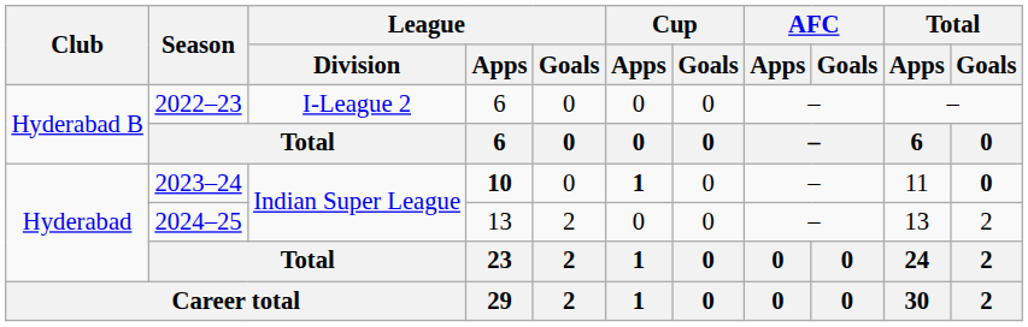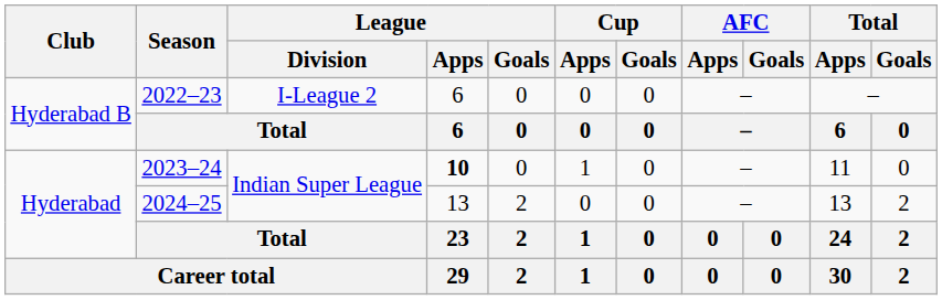 <table class=wikitable style=text-align:center>
 <tr>
 <th rowspan="2">Club</th>
 <th rowspan="2">Season</th>
 <th colspan="3">League</th>
 <th colspan="2">Cup</th>
 <th colspan="2"><a href='#'>AFC</a></th>
 <th colspan="2">Total</th>
 </tr>
 <tr>
 <th>Division</th>
 <th>Apps</th>
 <th>Goals</th>
 <th>Apps</th>
 <th>Goals</th>
 <th>Apps</th>
 <th>Goals</th>
 <th>Apps</th>
 <th>Goals</th>
 </tr>
 <tr>
 <td rowspan="2"><a href='#'>Hyderabad B</a></td>
 <td><a href='#'>2022–23</a></td>
 <td><a href='#'>I-League 2</a></td>
 <td>6</td>
 <td>0</td>
 <td>0</td>
 <td>0</td>
 <td colspan="2">–</td>
 <td colspan="2">–</td>
 </tr>
 <tr>
 <th colspan="2">Total</th>
 <th>6</th>
 <th>0</th>
 <th>0</th>
 <th>0</th>
 <th colspan="2">–</th>
 <th>6</th>
 <th>0</th>
 </tr>
 <tr>
 <td rowspan="3"><a href='#'>Hyderabad</a></td>
 <td><a href='#'>2023–24</a></td>
 <td rowspan="2"><a href='#'>Indian Super League</a></td>
 <td><strong>10</strong></td>
 <td>0</td>
-<td><strong>1</strong></td>
+<td>1</td>
 <td>0</td>
 <td colspan="2">–</td>
 <td>11</td>
-<td><strong>0</strong></td>
+<td>0</td>
 </tr>
 <tr>
 <td><a href='#'>2024–25</a></td>
 <td>13</td>
 <td>2</td>
 <td>0</td>
 <td>0</td>
 <td colspan="2">–</td>
 <td>13</td>
 <td>2</td>
 </tr>
 <tr>
 <th colspan="2">Total</th>
 <th>23</th>
 <th>2</th>
 <th>1</th>
 <th>0</th>
 <th>0</th>
 <th>0</th>
 <th>24</th>
 <th>2</th>
 </tr>
 <tr>
 <th colspan="3">Career total</th>
 <th>29</th>
 <th>2</th>
 <th>1</th>
 <th>0</th>
 <th>0</th>
 <th>0</th>
 <th>30</th>
 <th>2</th>
 </tr>
 </table>
